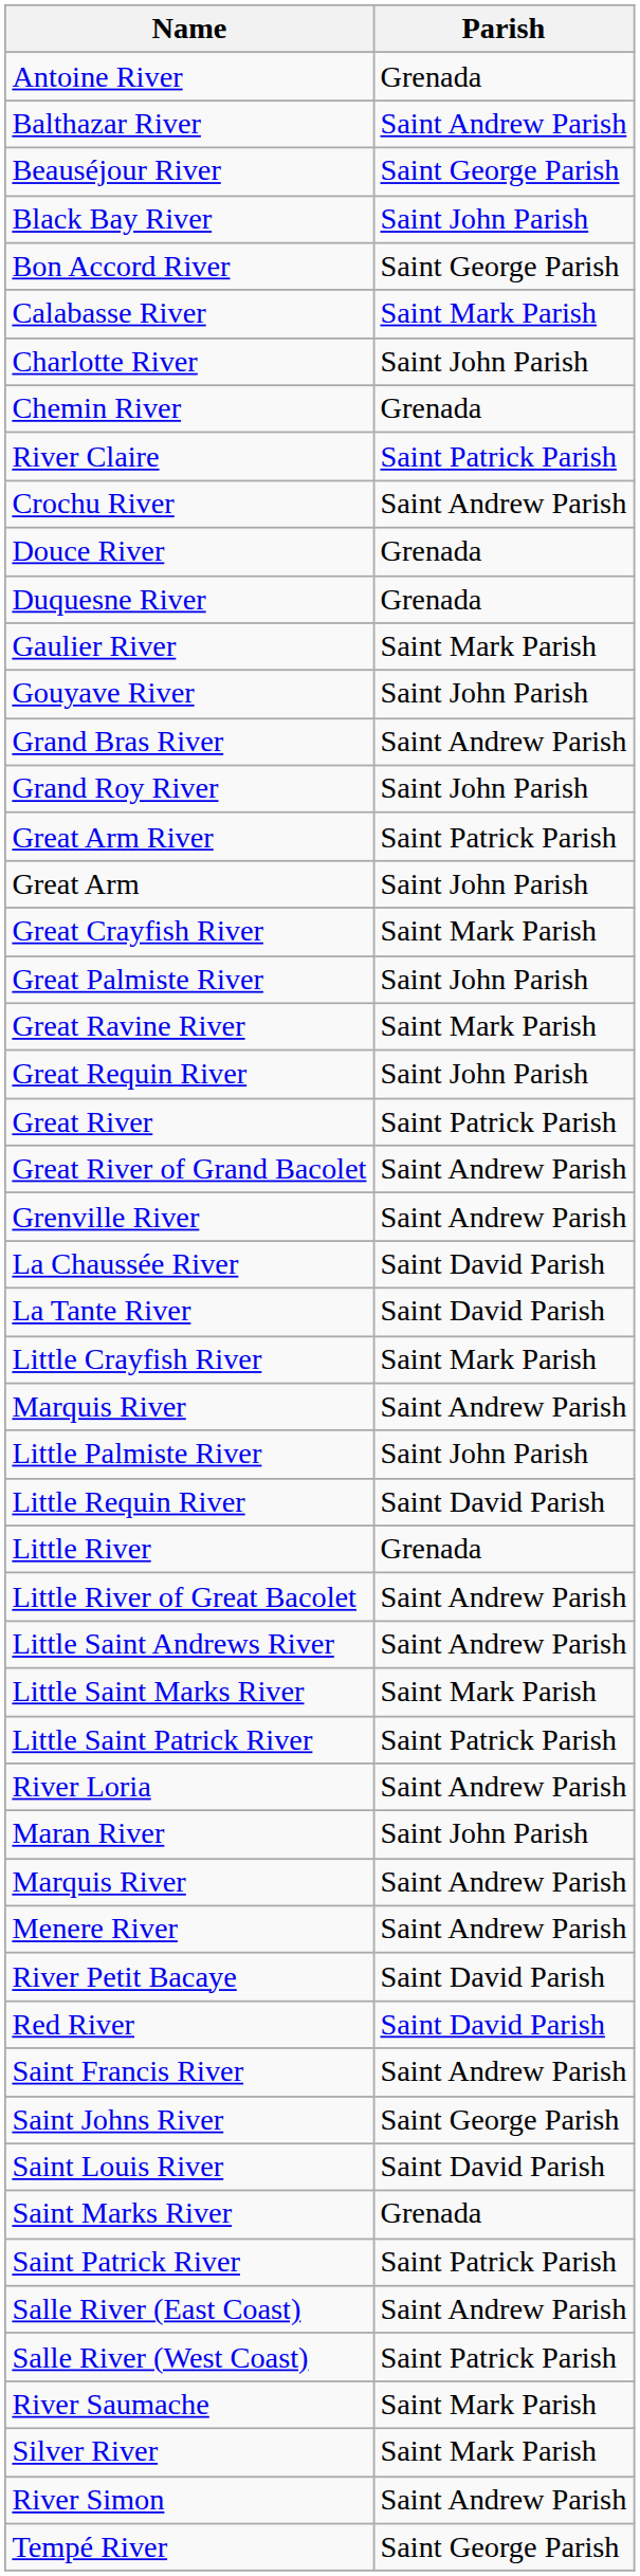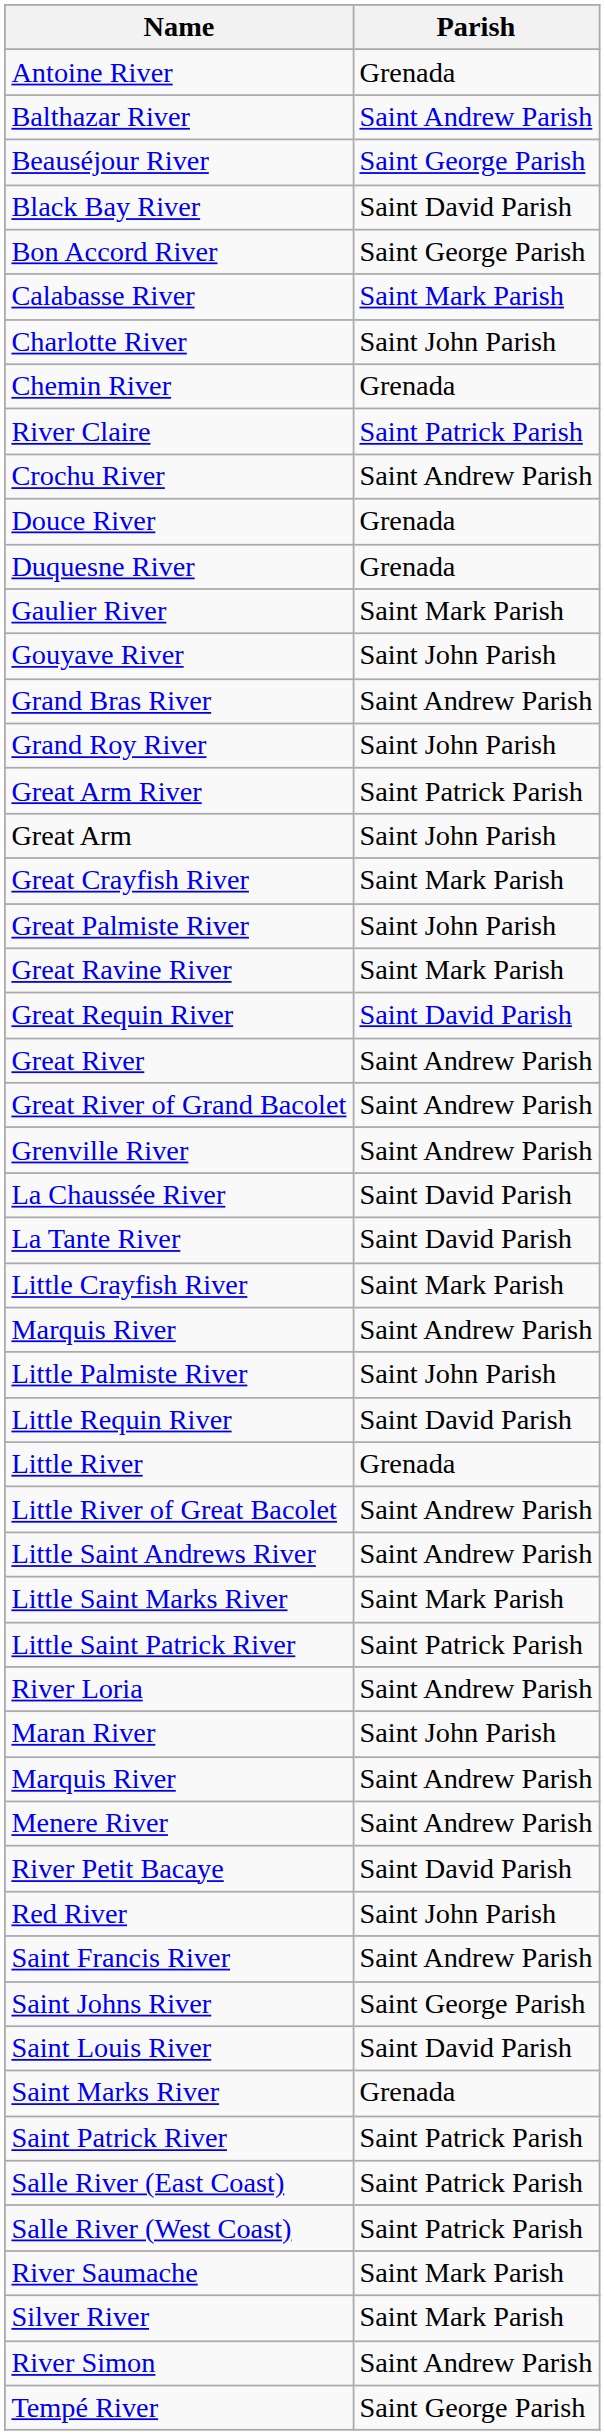 <table class="wikitable sortable plainrowheaders">
 <tr>
 <th>Name</th>
 <th>Parish</th>
 </tr>
 <tr>
 <td><a href='#'>Antoine River</a></td>
 <td>Grenada</td>
 </tr>
 <tr>
 <td><a href='#'>Balthazar River</a></td>
 <td><a href='#'>Saint Andrew Parish</a></td>
 </tr>
 <tr>
 <td><a href='#'>Beauséjour River</a></td>
 <td><a href='#'>Saint George Parish</a></td>
 </tr>
 <tr>
 <td><a href='#'>Black Bay River</a></td>
-<td><a href='#'>Saint John Parish</a></td>
+<td>Saint David Parish</td>
 </tr>
 <tr>
 <td><a href='#'>Bon Accord River</a></td>
 <td>Saint George Parish</td>
 </tr>
 <tr>
 <td><a href='#'>Calabasse River</a></td>
 <td><a href='#'>Saint Mark Parish</a></td>
 </tr>
 <tr>
 <td><a href='#'>Charlotte River</a></td>
 <td>Saint John Parish</td>
 </tr>
 <tr>
 <td><a href='#'>Chemin River</a></td>
 <td>Grenada</td>
 </tr>
 <tr>
 <td><a href='#'>River Claire</a></td>
 <td><a href='#'>Saint Patrick Parish</a></td>
 </tr>
 <tr>
 <td><a href='#'>Crochu River</a></td>
 <td>Saint Andrew Parish</td>
 </tr>
 <tr>
 <td><a href='#'>Douce River</a></td>
 <td>Grenada</td>
 </tr>
 <tr>
 <td><a href='#'>Duquesne River</a></td>
 <td>Grenada</td>
 </tr>
 <tr>
 <td><a href='#'>Gaulier River</a></td>
 <td>Saint Mark Parish</td>
 </tr>
 <tr>
 <td><a href='#'>Gouyave River</a></td>
 <td>Saint John Parish</td>
 </tr>
 <tr>
 <td><a href='#'>Grand Bras River</a></td>
 <td>Saint Andrew Parish</td>
 </tr>
 <tr>
 <td><a href='#'>Grand Roy River</a></td>
 <td>Saint John Parish</td>
 </tr>
 <tr>
 <td><a href='#'>Great Arm River</a></td>
 <td>Saint Patrick Parish</td>
 </tr>
 <tr>
 <td>Great Arm</td>
 <td>Saint John Parish</td>
 </tr>
 <tr>
 <td><a href='#'>Great Crayfish River</a></td>
 <td>Saint Mark Parish</td>
 </tr>
 <tr>
 <td><a href='#'>Great Palmiste River</a></td>
 <td>Saint John Parish</td>
 </tr>
 <tr>
 <td><a href='#'>Great Ravine River</a></td>
 <td>Saint Mark Parish</td>
 </tr>
 <tr>
 <td><a href='#'>Great Requin River</a></td>
-<td>Saint John Parish</td>
+<td><a href='#'>Saint David Parish</a></td>
 </tr>
 <tr>
 <td><a href='#'>Great River</a></td>
-<td>Saint Patrick Parish</td>
+<td>Saint Andrew Parish</td>
 </tr>
 <tr>
 <td><a href='#'>Great River of Grand Bacolet</a></td>
 <td>Saint Andrew Parish</td>
 </tr>
 <tr>
 <td><a href='#'>Grenville River</a></td>
 <td>Saint Andrew Parish</td>
 </tr>
 <tr>
 <td><a href='#'>La Chaussée River</a></td>
 <td>Saint David Parish</td>
 </tr>
 <tr>
 <td><a href='#'>La Tante River</a></td>
 <td>Saint David Parish</td>
 </tr>
 <tr>
 <td><a href='#'>Little Crayfish River</a></td>
 <td>Saint Mark Parish</td>
 </tr>
 <tr>
 <td><a href='#'>Marquis River</a></td>
 <td>Saint Andrew Parish</td>
 </tr>
 <tr>
 <td><a href='#'>Little Palmiste River</a></td>
 <td>Saint John Parish</td>
 </tr>
 <tr>
 <td><a href='#'>Little Requin River</a></td>
 <td>Saint David Parish</td>
 </tr>
 <tr>
 <td><a href='#'>Little River</a></td>
 <td>Grenada</td>
 </tr>
 <tr>
 <td><a href='#'>Little River of Great Bacolet</a></td>
 <td>Saint Andrew Parish</td>
 </tr>
 <tr>
 <td><a href='#'>Little Saint Andrews River</a></td>
 <td>Saint Andrew Parish</td>
 </tr>
 <tr>
 <td><a href='#'>Little Saint Marks River</a></td>
 <td>Saint Mark Parish</td>
 </tr>
 <tr>
 <td><a href='#'>Little Saint Patrick River</a></td>
 <td>Saint Patrick Parish</td>
 </tr>
 <tr>
 <td><a href='#'>River Loria</a></td>
 <td>Saint Andrew Parish</td>
 </tr>
 <tr>
 <td><a href='#'>Maran River</a></td>
 <td>Saint John Parish</td>
 </tr>
 <tr>
 <td><a href='#'>Marquis River</a></td>
 <td>Saint Andrew Parish</td>
 </tr>
 <tr>
 <td><a href='#'>Menere River</a></td>
 <td>Saint Andrew Parish</td>
 </tr>
 <tr>
 <td><a href='#'>River Petit Bacaye</a></td>
 <td>Saint David Parish</td>
 </tr>
 <tr>
 <td><a href='#'>Red River</a></td>
-<td><a href='#'>Saint David Parish</a></td>
+<td>Saint John Parish</td>
 </tr>
 <tr>
 <td><a href='#'>Saint Francis River</a></td>
 <td>Saint Andrew Parish</td>
 </tr>
 <tr>
 <td><a href='#'>Saint Johns River</a></td>
 <td>Saint George Parish</td>
 </tr>
 <tr>
 <td><a href='#'>Saint Louis River</a></td>
 <td>Saint David Parish</td>
 </tr>
 <tr>
 <td><a href='#'>Saint Marks River</a></td>
 <td>Grenada</td>
 </tr>
 <tr>
 <td><a href='#'>Saint Patrick River</a></td>
 <td>Saint Patrick Parish</td>
 </tr>
 <tr>
 <td><a href='#'>Salle River (East Coast)</a></td>
-<td>Saint Andrew Parish</td>
+<td>Saint Patrick Parish</td>
 </tr>
 <tr>
 <td><a href='#'>Salle River (West Coast)</a></td>
 <td>Saint Patrick Parish</td>
 </tr>
 <tr>
 <td><a href='#'>River Saumache</a></td>
 <td>Saint Mark  Parish</td>
 </tr>
 <tr>
 <td><a href='#'>Silver River</a></td>
 <td>Saint Mark Parish</td>
 </tr>
 <tr>
 <td><a href='#'>River Simon</a></td>
 <td>Saint Andrew Parish</td>
 </tr>
 <tr>
 <td><a href='#'>Tempé River</a></td>
 <td>Saint George Parish</td>
 </tr>
 </table>
